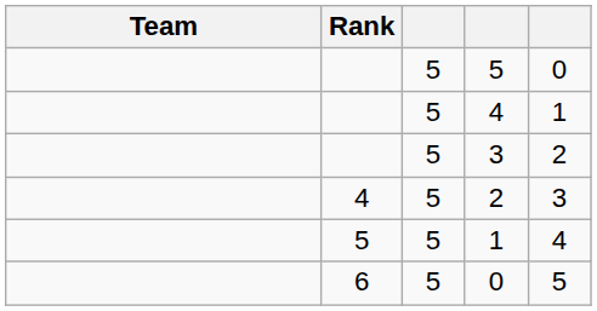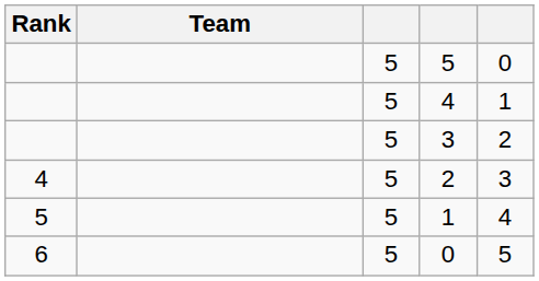 <table class="wikitable" style="text-align: center;">
 <tr>
+<th width=40>Rank</th>
 <th width=180>Team</th>
-<th width=40>Rank</th>
 <th width=30></th>
 <th width=30></th>
 <th width=30></th>
 </tr>
 <tr>
+<td></td>
 <td align=left></td>
-<td></td>
 <td>5</td>
 <td>5</td>
 <td>0</td>
 </tr>
 <tr>
+<td></td>
 <td align=left></td>
-<td></td>
 <td>5</td>
 <td>4</td>
 <td>1</td>
 </tr>
 <tr>
+<td></td>
 <td align=left></td>
-<td></td>
 <td>5</td>
 <td>3</td>
 <td>2</td>
 </tr>
 <tr>
+<td>4</td>
 <td align=left></td>
-<td>4</td>
 <td>5</td>
 <td>2</td>
 <td>3</td>
 </tr>
 <tr>
+<td>5</td>
 <td align=left></td>
-<td>5</td>
 <td>5</td>
 <td>1</td>
 <td>4</td>
 </tr>
 <tr>
+<td>6</td>
 <td align=left></td>
-<td>6</td>
 <td>5</td>
 <td>0</td>
 <td>5</td>
 </tr>
 </table>
